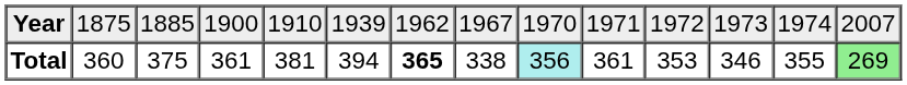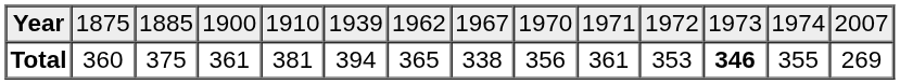 <table border="1" cellpadding="2" cellspacing="0" width="500">
 <tr bgcolor="#eeeeee" align="center">
 <td><strong>Year</strong></td>
 <td>1875</td>
 <td>1885</td>
 <td>1900</td>
 <td>1910</td>
 <td>1939</td>
 <td>1962</td>
 <td>1967</td>
 <td>1970</td>
 <td>1971</td>
 <td>1972</td>
 <td>1973</td>
 <td>1974</td>
 <td>2007</td>
 </tr>
 <tr align="center">
 <td><strong>Total</strong></td>
 <td>360</td>
 <td>375</td>
 <td>361</td>
 <td>381</td>
 <td>394</td>
-<td><strong>365</strong></td>
+<td>365</td>
 <td>338</td>
-<td style="background: paleturquoise;">356</td>
+<td>356</td>
 <td>361</td>
 <td>353</td>
-<td>346</td>
+<td><strong>346</strong></td>
 <td>355</td>
-<td style="background: lightgreen;">269</td>
+<td>269</td>
 </tr>
 </table>
